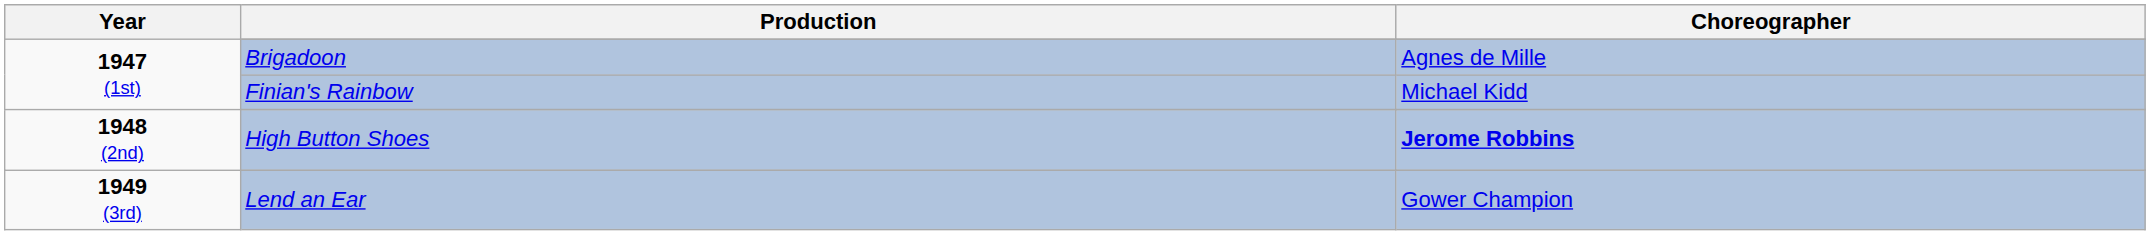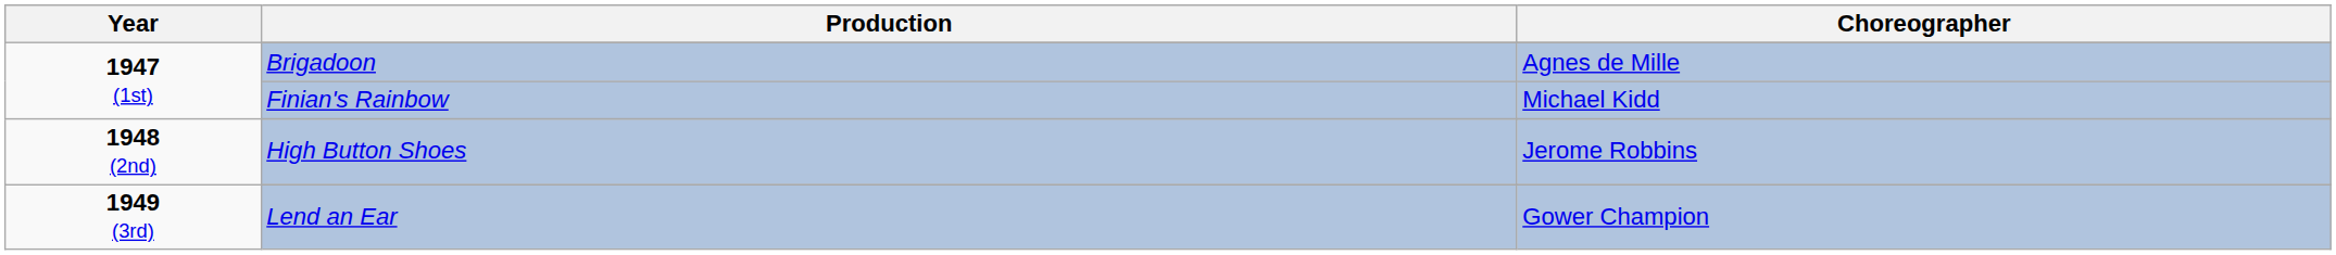 <table class="wikitable" style="width:98%;">
 <tr style="background:#bebebe;">
 <th style="width:11%;">Year</th>
 <th style="width:54%;">Production</th>
 <th style="width:35%;">Choreographer</th>
 </tr>
 <tr>
 <td rowspan="3" align="center"><strong>1947</strong><br><small><a href='#'>(1st)</a></small></td>
 </tr>
 <tr style="background:#B0C4DE">
 <td><em><a href='#'>Brigadoon</a></em></td>
 <td><a href='#'>Agnes de Mille</a></td>
 </tr>
 <tr style="background:#B0C4DE">
 <td><em><a href='#'>Finian's Rainbow</a></em></td>
 <td><a href='#'>Michael Kidd</a></td>
 </tr>
 <tr>
 <td rowspan="2" align="center"><strong>1948</strong><br><small><a href='#'>(2nd)</a></small></td>
 </tr>
 <tr style="background:#B0C4DE">
 <td><em><a href='#'>High Button Shoes</a></em></td>
-<td><strong><a href='#'>Jerome Robbins</a></strong></td>
+<td><a href='#'>Jerome Robbins</a></td>
 </tr>
 <tr>
 <td rowspan="2" align="center"><strong>1949</strong><br><small><a href='#'>(3rd)</a></small></td>
 </tr>
 <tr style="background:#B0C4DE">
 <td><em><a href='#'>Lend an Ear</a></em></td>
 <td><a href='#'>Gower Champion</a></td>
 </tr>
 </table>
